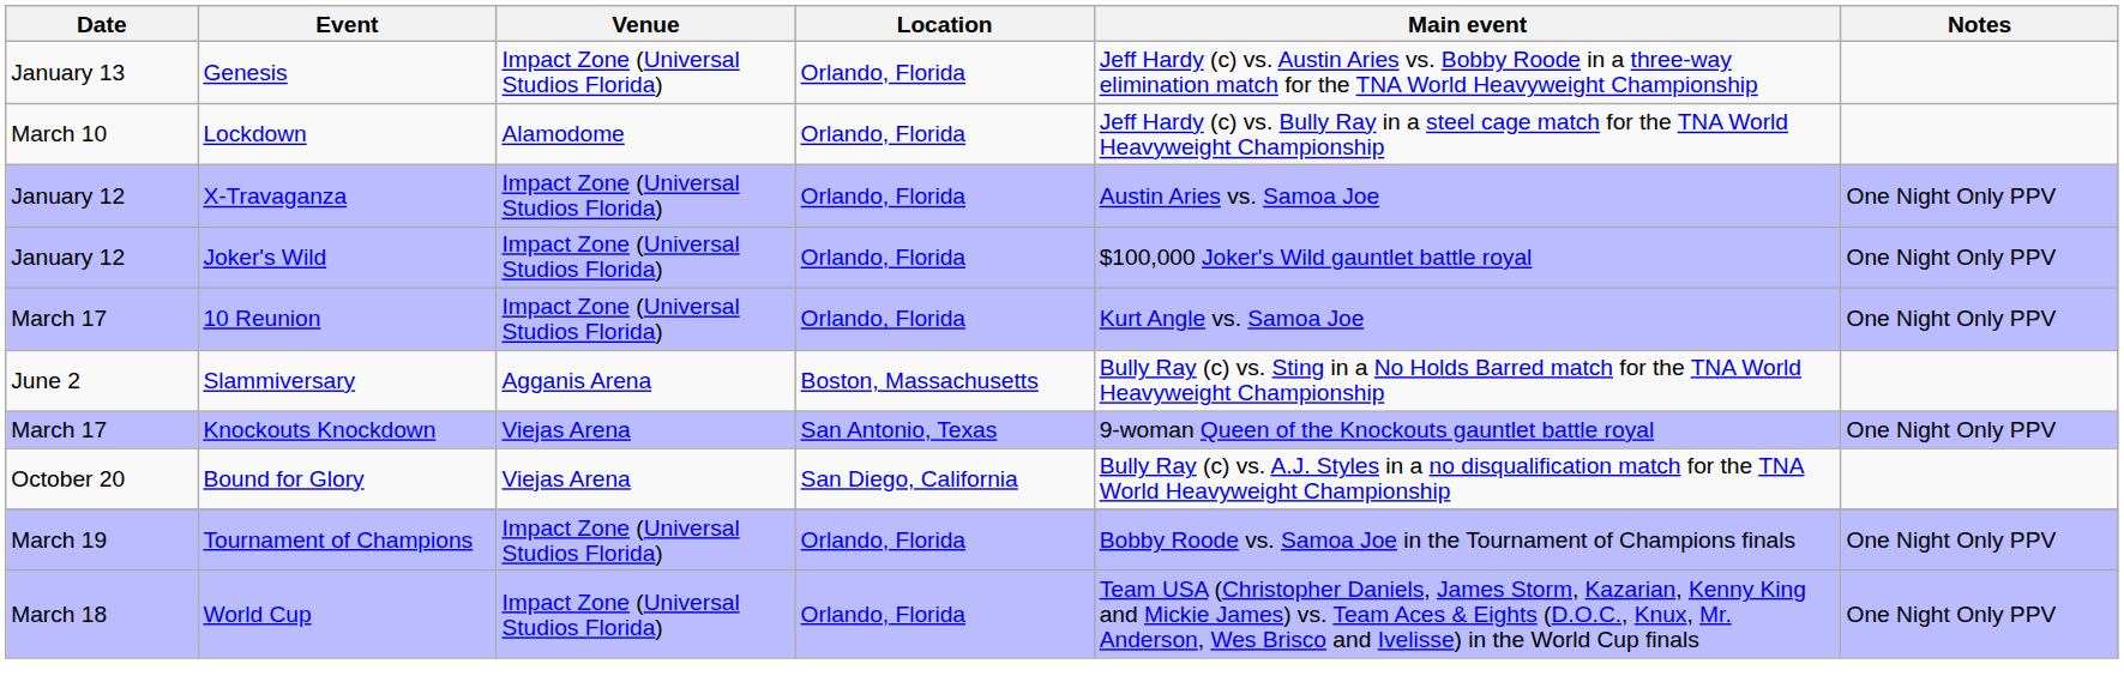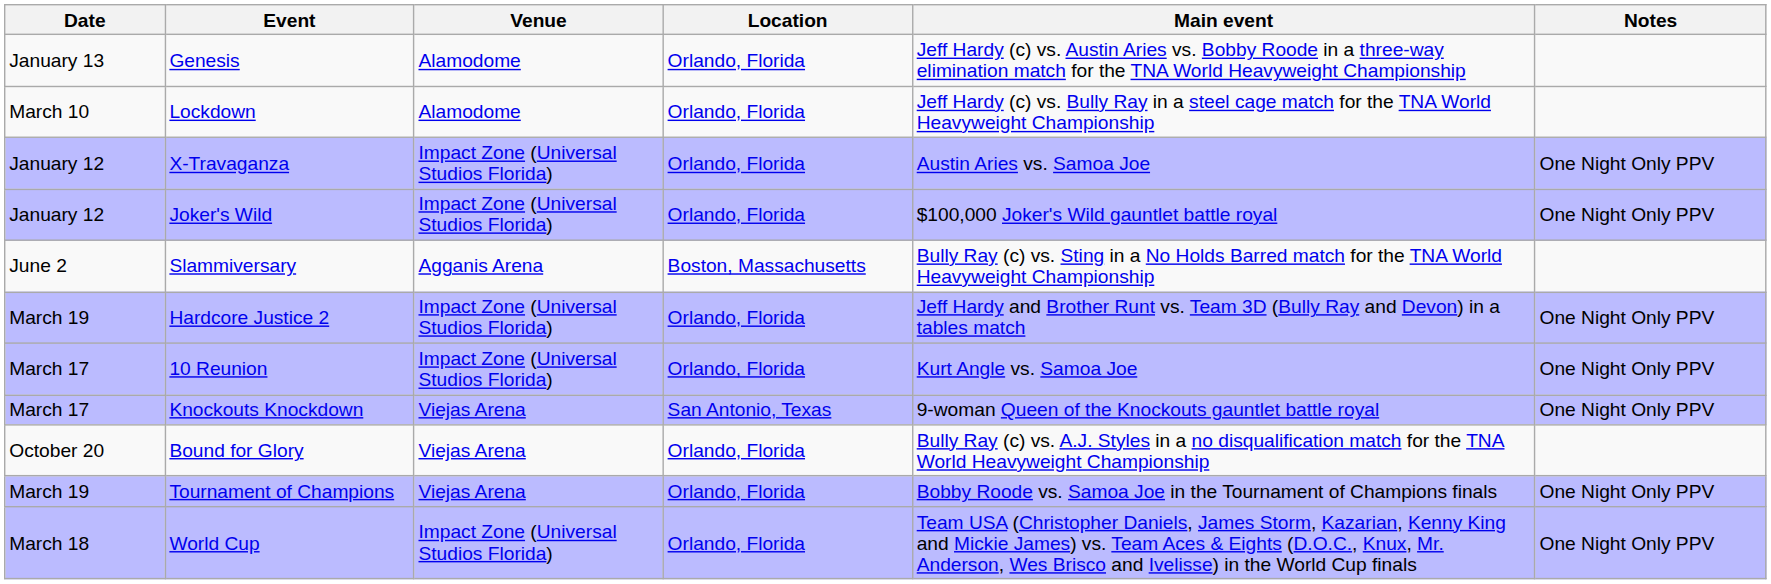 <table class="sortable wikitable succession-box" style="font-size:85%;">
 <tr>
 <th width=9%>Date</th>
 <th width="14%">Event</th>
 <th width=14%>Venue</th>
 <th width=14%>Location</th>
 <th width=35%>Main event</th>
 <th width=13%>Notes</th>
 </tr>
 <tr>
 <td>January 13</td>
 <td><a href='#'>Genesis</a></td>
-<td><a href='#'>Impact Zone</a> (<a href='#'>Universal Studios Florida</a>)</td>
+<td><a href='#'>Alamodome</a></td>
 <td><a href='#'>Orlando, Florida</a></td>
 <td><a href='#'>Jeff Hardy</a> (c) vs. <a href='#'>Austin Aries</a> vs. <a href='#'>Bobby Roode</a> in a <a href='#'>three-way elimination match</a> for the <a href='#'>TNA World Heavyweight Championship</a></td>
 <td></td>
 </tr>
 <tr>
 <td>March 10</td>
 <td><a href='#'>Lockdown</a></td>
 <td><a href='#'>Alamodome</a></td>
 <td><a href='#'>Orlando, Florida</a></td>
 <td><a href='#'>Jeff Hardy</a> (c) vs. <a href='#'>Bully Ray</a> in a <a href='#'>steel cage match</a> for the <a href='#'>TNA World Heavyweight Championship</a></td>
 <td></td>
 </tr>
 <tr style="background: #BBF">
 <td>January 12<br></td>
 <td><a href='#'>X-Travaganza</a></td>
 <td><a href='#'>Impact Zone</a> (<a href='#'>Universal Studios Florida</a>)</td>
 <td><a href='#'>Orlando, Florida</a></td>
 <td><a href='#'>Austin Aries</a> vs. <a href='#'>Samoa Joe</a></td>
 <td>One Night Only PPV</td>
 </tr>
 <tr style="background: #BBF">
 <td>January 12<br></td>
 <td><a href='#'>Joker's Wild</a></td>
 <td><a href='#'>Impact Zone</a> (<a href='#'>Universal Studios Florida</a>)</td>
 <td><a href='#'>Orlando, Florida</a></td>
 <td>$100,000 <a href='#'>Joker's Wild gauntlet battle royal</a></td>
 <td>One Night Only PPV</td>
 </tr>
+<tr>
+<td>June 2</td>
+<td><a href='#'>Slammiversary</a></td>
+<td><a href='#'>Agganis Arena</a></td>
+<td><a href='#'>Boston, Massachusetts</a></td>
+<td><a href='#'>Bully Ray</a> (c) vs. <a href='#'>Sting</a> in a <a href='#'>No Holds Barred match</a> for the <a href='#'>TNA World Heavyweight Championship</a></td>
+<td></td>
+</tr>
+<tr style="background: #BBF">
+<td>March 19<br></td>
+<td><a href='#'>Hardcore Justice 2</a></td>
+<td><a href='#'>Impact Zone</a> (<a href='#'>Universal Studios Florida</a>)</td>
+<td><a href='#'>Orlando, Florida</a></td>
+<td><a href='#'>Jeff Hardy</a> and <a href='#'>Brother Runt</a> vs. <a href='#'>Team 3D</a> (<a href='#'>Bully Ray</a> and <a href='#'>Devon</a>) in a <a href='#'>tables match</a></td>
+<td>One Night Only PPV</td>
+</tr>
 <tr style="background: #BBF">
 <td>March 17<br></td>
 <td><a href='#'>10 Reunion</a></td>
 <td><a href='#'>Impact Zone</a> (<a href='#'>Universal Studios Florida</a>)</td>
 <td><a href='#'>Orlando, Florida</a></td>
 <td><a href='#'>Kurt Angle</a> vs. <a href='#'>Samoa Joe</a></td>
 <td>One Night Only PPV</td>
-</tr>
-<tr>
-<td>June 2</td>
-<td><a href='#'>Slammiversary</a></td>
-<td><a href='#'>Agganis Arena</a></td>
-<td><a href='#'>Boston, Massachusetts</a></td>
-<td><a href='#'>Bully Ray</a> (c) vs. <a href='#'>Sting</a> in a <a href='#'>No Holds Barred match</a> for the <a href='#'>TNA World Heavyweight Championship</a></td>
-<td></td>
 </tr>
 <tr style="background: #BBF">
 <td>March 17<br></td>
 <td><a href='#'>Knockouts Knockdown</a></td>
 <td><a href='#'>Viejas Arena</a></td>
 <td><a href='#'>San Antonio, Texas</a></td>
 <td>9-woman <a href='#'>Queen of the Knockouts gauntlet battle royal</a></td>
 <td>One Night Only PPV</td>
 </tr>
 <tr>
 <td>October 20</td>
 <td><a href='#'>Bound for Glory</a></td>
 <td><a href='#'>Viejas Arena</a></td>
-<td><a href='#'>San Diego, California</a></td>
+<td><a href='#'>Orlando, Florida</a></td>
 <td><a href='#'>Bully Ray</a> (c) vs. <a href='#'>A.J. Styles</a> in a <a href='#'>no disqualification match</a> for the <a href='#'>TNA World Heavyweight Championship</a></td>
 <td></td>
 </tr>
 <tr style="background: #BBF">
 <td>March 19<br></td>
 <td><a href='#'>Tournament of Champions</a></td>
-<td><a href='#'>Impact Zone</a> (<a href='#'>Universal Studios Florida</a>)</td>
+<td><a href='#'>Viejas Arena</a></td>
 <td><a href='#'>Orlando, Florida</a></td>
 <td><a href='#'>Bobby Roode</a> vs. <a href='#'>Samoa Joe</a> in the Tournament of Champions finals</td>
 <td>One Night Only PPV</td>
 </tr>
 <tr style="background: #BBF">
 <td>March 18<br></td>
 <td><a href='#'>World Cup</a></td>
 <td><a href='#'>Impact Zone</a> (<a href='#'>Universal Studios Florida</a>)</td>
 <td><a href='#'>Orlando, Florida</a></td>
 <td><a href='#'>Team USA</a> (<a href='#'>Christopher Daniels</a>, <a href='#'>James Storm</a>, <a href='#'>Kazarian</a>, <a href='#'>Kenny King</a> and <a href='#'>Mickie James</a>) vs. <a href='#'>Team Aces & Eights</a> (<a href='#'>D.O.C.</a>, <a href='#'>Knux</a>, <a href='#'>Mr. Anderson</a>, <a href='#'>Wes Brisco</a> and <a href='#'>Ivelisse</a>) in the World Cup finals</td>
 <td>One Night Only PPV</td>
 </tr>
 </table>
